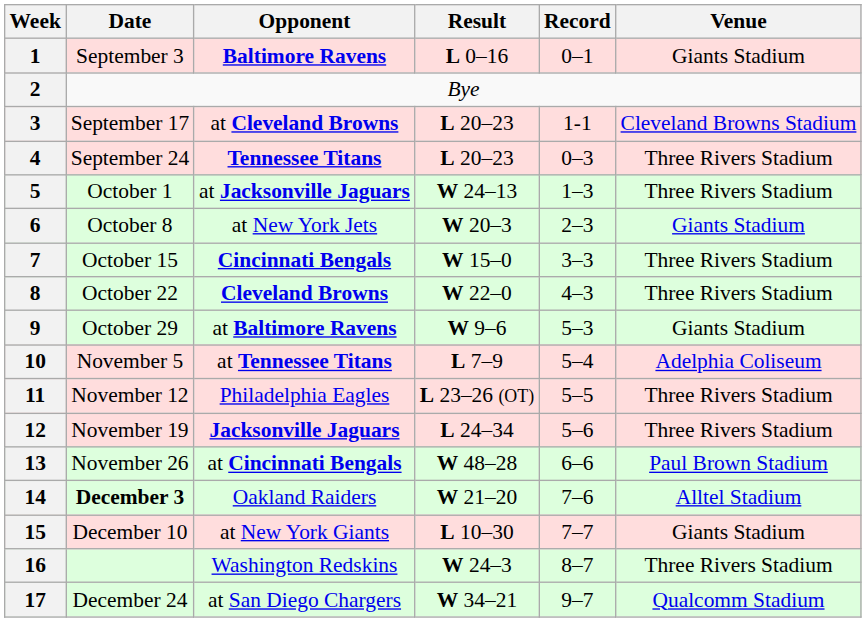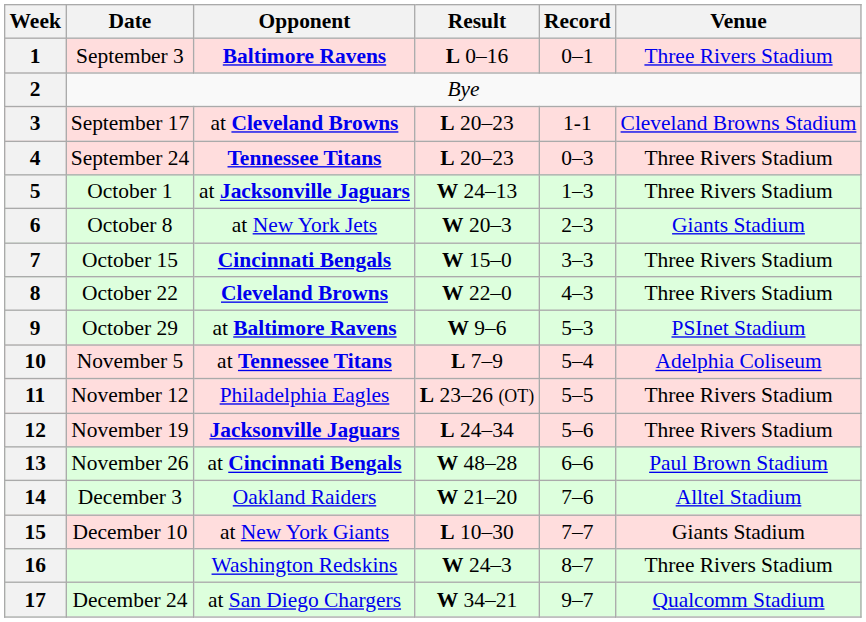 <table class="wikitable" style="text-align:center">
 <tr>
 <th>Week</th>
 <th>Date</th>
 <th>Opponent</th>
 <th>Result</th>
 <th>Record</th>
 <th>Venue</th>
 </tr>
 <tr style="background:#fdd">
 <th>1</th>
 <td>September 3</td>
 <td><strong><a href='#'>Baltimore Ravens</a></strong></td>
 <td><strong>L</strong> 0–16</td>
 <td>0–1</td>
-<td>Giants Stadium</td>
+<td><a href='#'>Three Rivers Stadium</a></td>
 </tr>
 <tr>
 <th>2</th>
 <td colspan=6 align="center"><em>Bye</em></td>
 </tr>
 <tr style="background:#fdd">
 <th>3</th>
 <td>September 17</td>
 <td>at <strong><a href='#'>Cleveland Browns</a></strong></td>
 <td><strong>L</strong> 20–23</td>
 <td>1-1</td>
 <td><a href='#'>Cleveland Browns Stadium</a></td>
 </tr>
 <tr style="background:#fdd">
 <th>4</th>
 <td>September 24</td>
 <td><strong><a href='#'>Tennessee Titans</a></strong></td>
 <td><strong>L</strong> 20–23</td>
 <td>0–3</td>
 <td>Three Rivers Stadium</td>
 </tr>
 <tr style="background:#dfd">
 <th>5</th>
 <td>October 1</td>
 <td>at <strong><a href='#'>Jacksonville Jaguars</a></strong></td>
 <td><strong>W</strong> 24–13</td>
 <td>1–3</td>
 <td>Three Rivers Stadium</td>
 </tr>
 <tr style="background:#dfd">
 <th>6</th>
 <td>October 8</td>
 <td>at <a href='#'>New York Jets</a></td>
 <td><strong>W</strong> 20–3</td>
 <td>2–3</td>
 <td><a href='#'>Giants Stadium</a></td>
 </tr>
 <tr style="background:#dfd">
 <th>7</th>
 <td>October 15</td>
 <td><strong><a href='#'>Cincinnati Bengals</a></strong></td>
 <td><strong>W</strong> 15–0</td>
 <td>3–3</td>
 <td>Three Rivers Stadium</td>
 </tr>
 <tr style="background:#dfd">
 <th>8</th>
 <td>October 22</td>
 <td><strong><a href='#'>Cleveland Browns</a></strong></td>
 <td><strong>W</strong> 22–0</td>
 <td>4–3</td>
 <td>Three Rivers Stadium</td>
 </tr>
 <tr style="background:#dfd">
 <th>9</th>
 <td>October 29</td>
 <td>at <strong><a href='#'>Baltimore Ravens</a></strong></td>
 <td><strong>W</strong> 9–6</td>
 <td>5–3</td>
-<td>Giants Stadium</td>
+<td><a href='#'>PSInet Stadium</a></td>
 </tr>
 <tr style="background:#fdd">
 <th>10</th>
 <td>November 5</td>
 <td>at <strong><a href='#'>Tennessee Titans</a></strong></td>
 <td><strong>L</strong> 7–9</td>
 <td>5–4</td>
 <td><a href='#'>Adelphia Coliseum</a></td>
 </tr>
 <tr style="background:#fdd">
 <th>11</th>
 <td>November 12</td>
 <td><a href='#'>Philadelphia Eagles</a></td>
 <td><strong>L</strong> 23–26 <small>(OT)</small></td>
 <td>5–5</td>
 <td>Three Rivers Stadium</td>
 </tr>
 <tr style="background:#fdd">
 <th>12</th>
 <td>November 19</td>
 <td><strong><a href='#'>Jacksonville Jaguars</a></strong></td>
 <td><strong>L</strong> 24–34</td>
 <td>5–6</td>
 <td>Three Rivers Stadium</td>
 </tr>
 <tr style="background:#dfd">
 <th>13</th>
 <td>November 26</td>
 <td>at <strong><a href='#'>Cincinnati Bengals</a></strong></td>
 <td><strong>W</strong> 48–28</td>
 <td>6–6</td>
 <td><a href='#'>Paul Brown Stadium</a></td>
 </tr>
 <tr style="background:#dfd">
 <th>14</th>
-<td><strong>December 3</strong></td>
+<td>December 3</td>
 <td><a href='#'>Oakland Raiders</a></td>
 <td><strong>W</strong> 21–20</td>
 <td>7–6</td>
 <td><a href='#'>Alltel Stadium</a></td>
 </tr>
 <tr style="background:#fdd">
 <th>15</th>
 <td>December 10</td>
 <td>at <a href='#'>New York Giants</a></td>
 <td><strong>L</strong> 10–30</td>
 <td>7–7</td>
 <td>Giants Stadium</td>
 </tr>
 <tr style="background:#dfd">
 <th>16</th>
 <td></td>
 <td><a href='#'>Washington Redskins</a></td>
 <td><strong>W</strong> 24–3</td>
 <td>8–7</td>
 <td>Three Rivers Stadium</td>
 </tr>
 <tr style="background:#dfd">
 <th>17</th>
 <td>December 24</td>
 <td>at <a href='#'>San Diego Chargers</a></td>
 <td><strong>W</strong> 34–21</td>
 <td>9–7</td>
 <td><a href='#'>Qualcomm Stadium</a></td>
 </tr>
 </table>
